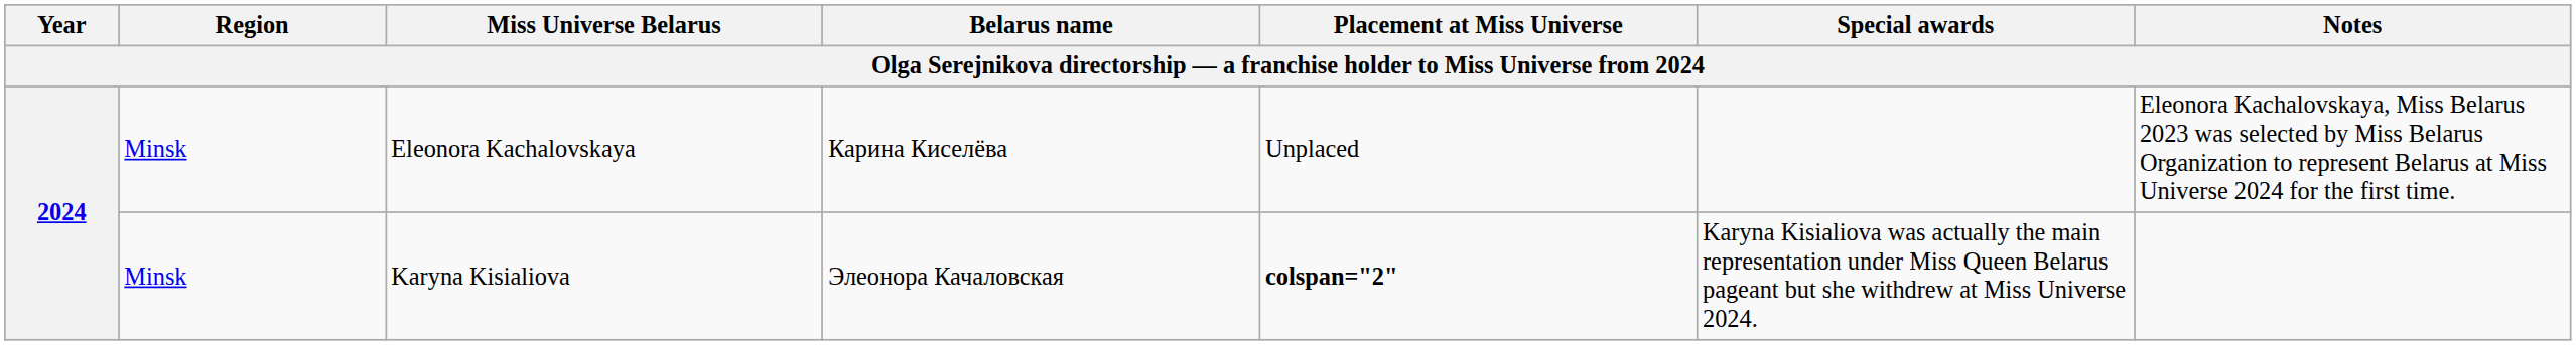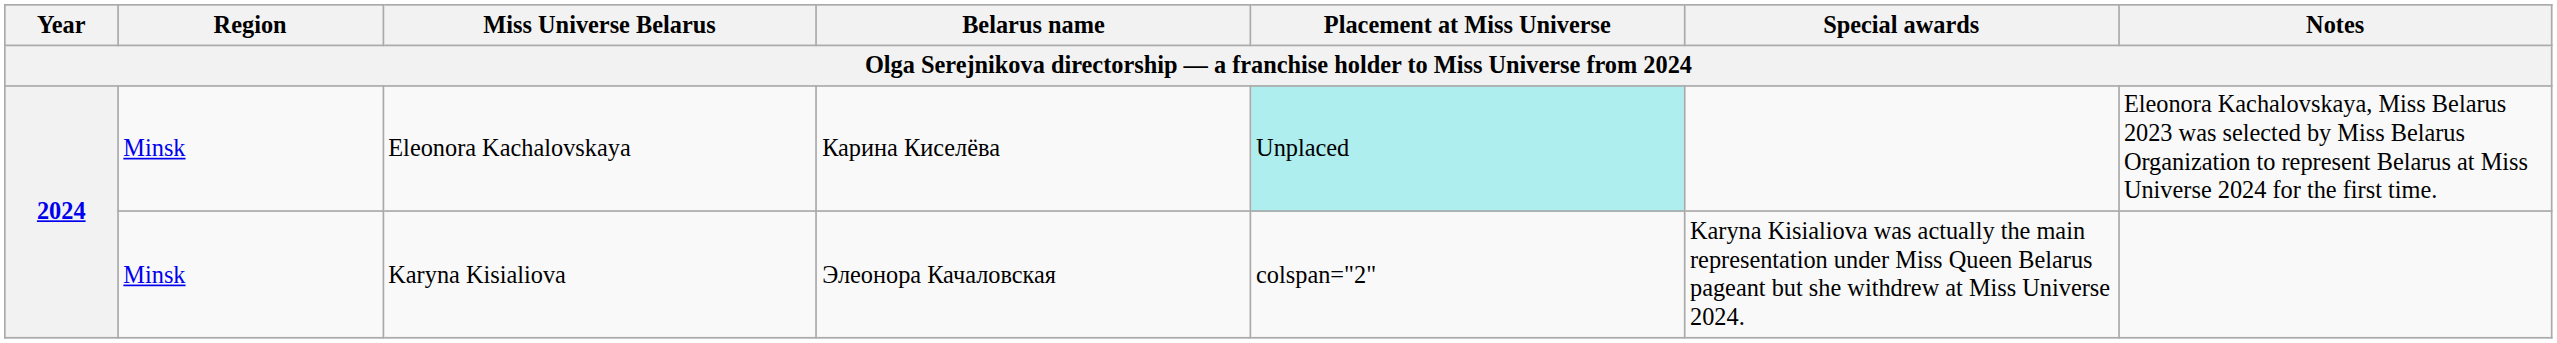 <table class="wikitable " style="font-size: 90%;">
 <tr>
 <th width="60">Year</th>
 <th width="150">Region</th>
 <th width="250">Miss Universe Belarus</th>
 <th width="250">Belarus name</th>
 <th width="250">Placement at Miss Universe</th>
 <th width="250">Special awards</th>
 <th width="250">Notes</th>
 </tr>
 <tr>
 <th colspan="7">Olga Serejnikova directorship — a franchise holder to Miss Universe from 2024</th>
 </tr>
 <tr>
 <th rowspan="2"><a href='#'>2024</a></th>
 <td><a href='#'>Minsk</a></td>
 <td>Eleonora Kachalovskaya</td>
 <td>Карина Киселёва</td>
-<td>Unplaced</td>
+<td style="background: paleturquoise;">Unplaced</td>
 <td></td>
 <td>Eleonora Kachalovskaya, Miss Belarus 2023 was selected by Miss Belarus Organization to represent Belarus at Miss Universe 2024 for the first time.</td>
 </tr>
 <tr>
 <td><a href='#'>Minsk</a></td>
 <td>Karyna Kisialiova</td>
 <td>Элеонора Качаловская</td>
-<td><strong>colspan="2" </strong></td>
+<td>colspan="2" </td>
 <td>Karyna Kisialiova was actually the main representation under Miss Queen Belarus pageant but she withdrew at Miss Universe 2024.</td>
 </tr>
 </table>
